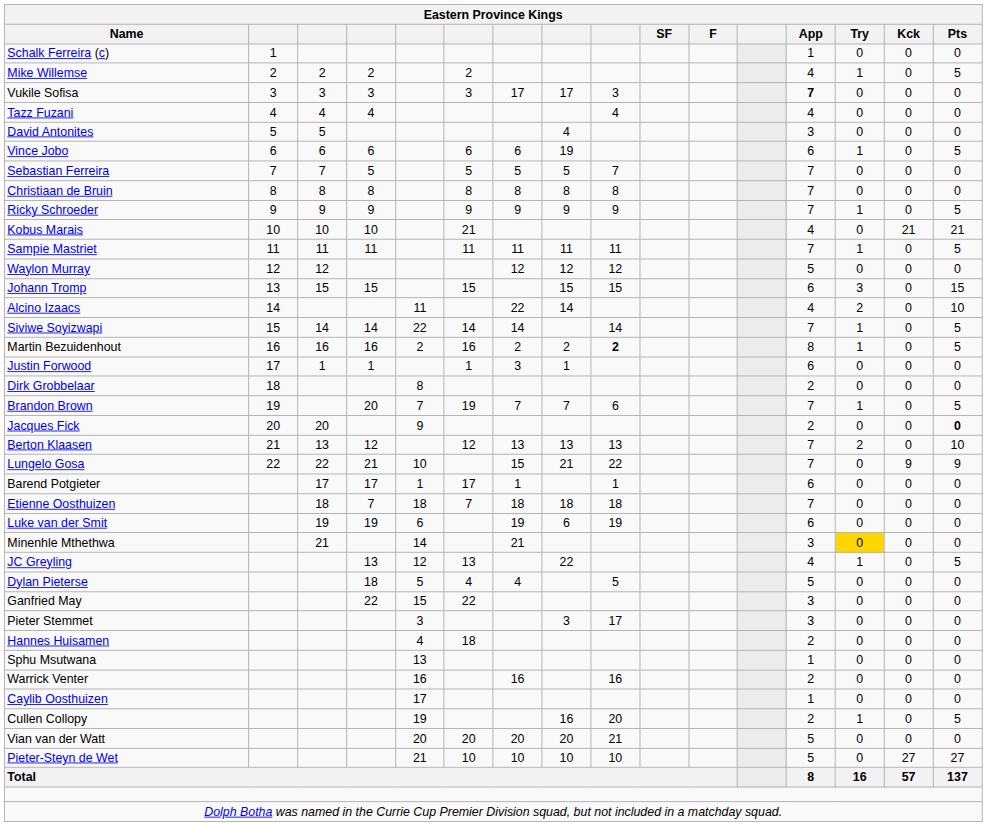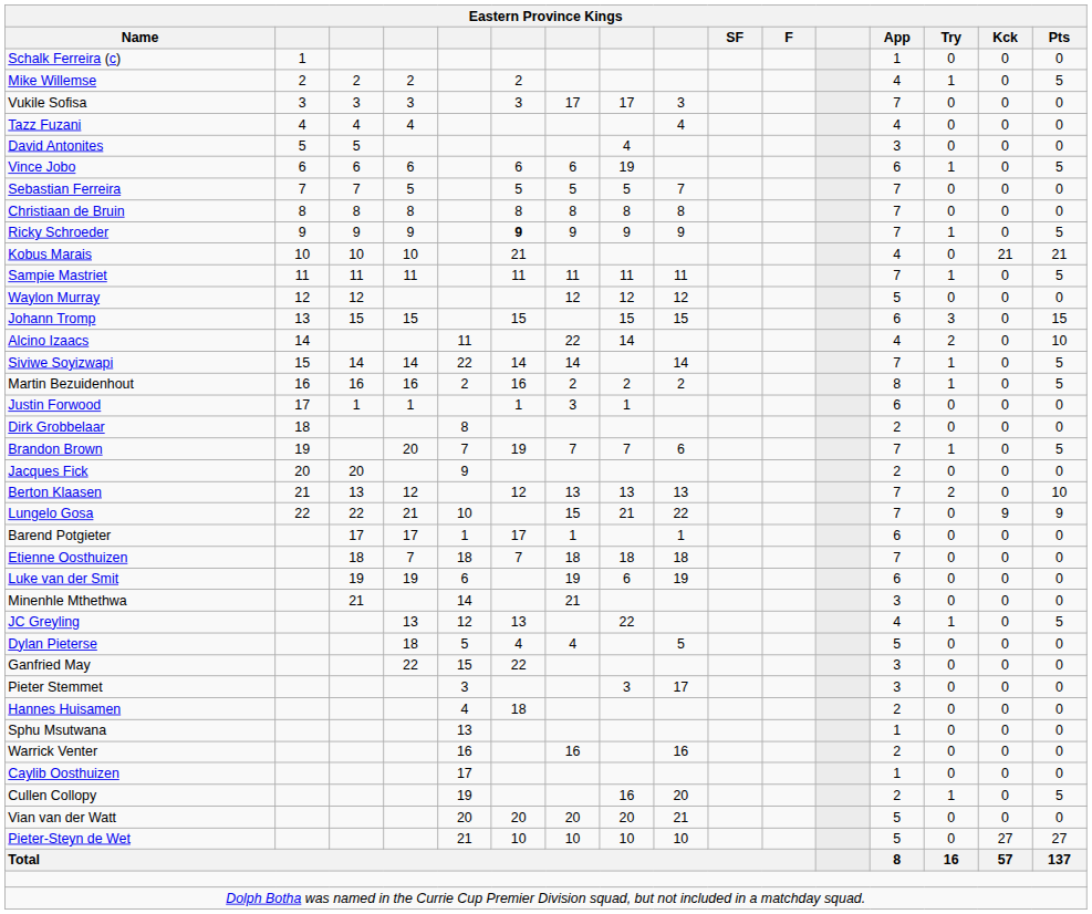 <table class="wikitable sortable" style="text-align:center; font-size:90%; width:90%">
 <tr>
 <th colspan="100%">Eastern Province Kings</th>
 </tr>
 <tr>
 <th style="width:25%;">Name</th>
 <th style="width:5%;"></th>
 <th style="width:5%;"></th>
 <th style="width:5%;"></th>
 <th style="width:5%;"></th>
 <th style="width:5%;"></th>
 <th style="width:5%;"></th>
 <th style="width:5%;"></th>
 <th style="width:5%;"></th>
 <th style="width:5%;">SF</th>
 <th style="width:5%;">F</th>
 <th style="width:5%;"></th>
 <th style="width:5%;">App</th>
 <th style="width:5%;">Try</th>
 <th style="width:5%;">Kck</th>
 <th style="width:5%;">Pts</th>
 </tr>
 <tr>
 <td style="text-align:left;"><a href='#'>Schalk Ferreira</a> (<a href='#'>c</a>)</td>
 <td>1</td>
 <td></td>
 <td></td>
 <td></td>
 <td></td>
 <td></td>
 <td></td>
 <td></td>
 <td></td>
 <td></td>
 <td style="background:#ECECEC;"></td>
 <td>1</td>
 <td>0</td>
 <td>0</td>
 <td>0</td>
 </tr>
 <tr>
 <td style="text-align:left;"><a href='#'>Mike Willemse</a></td>
 <td>2</td>
 <td>2</td>
 <td>2</td>
 <td></td>
 <td>2</td>
 <td></td>
 <td></td>
 <td></td>
 <td></td>
 <td></td>
 <td style="background:#ECECEC;"></td>
 <td>4</td>
 <td>1</td>
 <td>0</td>
 <td>5</td>
 </tr>
 <tr>
 <td style="text-align:left;">Vukile Sofisa</td>
 <td>3</td>
 <td>3</td>
 <td>3</td>
 <td></td>
 <td>3</td>
 <td>17 </td>
 <td>17 </td>
 <td>3</td>
 <td></td>
 <td></td>
 <td style="background:#ECECEC;"></td>
-<td><strong>7</strong></td>
+<td>7</td>
 <td>0</td>
 <td>0</td>
 <td>0</td>
 </tr>
 <tr>
 <td style="text-align:left;"><a href='#'>Tazz Fuzani</a></td>
 <td>4</td>
 <td>4</td>
 <td>4</td>
 <td></td>
 <td></td>
 <td></td>
 <td></td>
 <td>4</td>
 <td></td>
 <td></td>
 <td style="background:#ECECEC;"></td>
 <td>4</td>
 <td>0</td>
 <td>0</td>
 <td>0</td>
 </tr>
 <tr>
 <td style="text-align:left;"><a href='#'>David Antonites</a></td>
 <td>5</td>
 <td>5</td>
 <td></td>
 <td></td>
 <td></td>
 <td></td>
 <td>4</td>
 <td></td>
 <td></td>
 <td></td>
 <td style="background:#ECECEC;"></td>
 <td>3</td>
 <td>0</td>
 <td>0</td>
 <td>0</td>
 </tr>
 <tr>
 <td style="text-align:left;"><a href='#'>Vince Jobo</a></td>
 <td>6</td>
 <td>6</td>
 <td>6</td>
 <td></td>
 <td>6</td>
 <td>6</td>
 <td>19 </td>
 <td></td>
 <td></td>
 <td></td>
 <td style="background:#ECECEC;"></td>
 <td>6</td>
 <td>1</td>
 <td>0</td>
 <td>5</td>
 </tr>
 <tr>
 <td style="text-align:left;"><a href='#'>Sebastian Ferreira</a></td>
 <td>7</td>
 <td>7</td>
 <td>5</td>
 <td></td>
 <td>5</td>
 <td>5</td>
 <td>5</td>
 <td>7</td>
 <td></td>
 <td></td>
 <td style="background:#ECECEC;"></td>
 <td>7</td>
 <td>0</td>
 <td>0</td>
 <td>0</td>
 </tr>
 <tr>
 <td style="text-align:left;"><a href='#'>Christiaan de Bruin</a></td>
 <td>8</td>
 <td>8</td>
 <td>8</td>
 <td></td>
 <td>8</td>
 <td>8</td>
 <td>8</td>
 <td>8</td>
 <td></td>
 <td></td>
 <td style="background:#ECECEC;"></td>
 <td>7</td>
 <td>0</td>
 <td>0</td>
 <td>0</td>
 </tr>
 <tr>
 <td style="text-align:left;"><a href='#'>Ricky Schroeder</a></td>
 <td>9</td>
 <td>9</td>
 <td>9</td>
 <td></td>
-<td>9</td>
+<td><strong>9</strong></td>
 <td>9</td>
 <td>9</td>
 <td>9</td>
 <td></td>
 <td></td>
 <td style="background:#ECECEC;"></td>
 <td>7</td>
 <td>1</td>
 <td>0</td>
 <td>5</td>
 </tr>
 <tr>
 <td style="text-align:left;"><a href='#'>Kobus Marais</a></td>
 <td>10</td>
 <td>10</td>
 <td>10</td>
 <td></td>
 <td>21 </td>
 <td></td>
 <td></td>
 <td></td>
 <td></td>
 <td></td>
 <td style="background:#ECECEC;"></td>
 <td>4</td>
 <td>0</td>
 <td>21</td>
 <td>21</td>
 </tr>
 <tr>
 <td style="text-align:left;"><a href='#'>Sampie Mastriet</a></td>
 <td>11</td>
 <td>11</td>
 <td>11</td>
 <td></td>
 <td>11</td>
 <td>11</td>
 <td>11</td>
 <td>11</td>
 <td></td>
 <td></td>
 <td style="background:#ECECEC;"></td>
 <td>7</td>
 <td>1</td>
 <td>0</td>
 <td>5</td>
 </tr>
 <tr>
 <td style="text-align:left;"><a href='#'>Waylon Murray</a></td>
 <td>12</td>
 <td>12</td>
 <td></td>
 <td></td>
 <td></td>
 <td>12</td>
 <td>12</td>
 <td>12</td>
 <td></td>
 <td></td>
 <td style="background:#ECECEC;"></td>
 <td>5</td>
 <td>0</td>
 <td>0</td>
 <td>0</td>
 </tr>
 <tr>
 <td style="text-align:left;"><a href='#'>Johann Tromp</a></td>
 <td>13</td>
 <td>15</td>
 <td>15</td>
 <td></td>
 <td>15</td>
 <td></td>
 <td>15</td>
 <td>15</td>
 <td></td>
 <td></td>
 <td style="background:#ECECEC;"></td>
 <td>6</td>
 <td>3</td>
 <td>0</td>
 <td>15</td>
 </tr>
 <tr>
 <td style="text-align:left;"><a href='#'>Alcino Izaacs</a></td>
 <td>14</td>
 <td></td>
 <td></td>
 <td>11</td>
 <td></td>
 <td>22 </td>
 <td>14</td>
 <td></td>
 <td></td>
 <td></td>
 <td style="background:#ECECEC;"></td>
 <td>4</td>
 <td>2</td>
 <td>0</td>
 <td>10</td>
 </tr>
 <tr>
 <td style="text-align:left;"><a href='#'>Siviwe Soyizwapi</a></td>
 <td>15</td>
 <td>14</td>
 <td>14</td>
 <td>22 </td>
 <td>14</td>
 <td>14</td>
 <td></td>
 <td>14</td>
 <td></td>
 <td></td>
 <td style="background:#ECECEC;"></td>
 <td>7</td>
 <td>1</td>
 <td>0</td>
 <td>5</td>
 </tr>
 <tr>
 <td style="text-align:left;">Martin Bezuidenhout</td>
 <td>16 </td>
 <td>16 </td>
 <td>16 </td>
 <td>2</td>
 <td>16 </td>
 <td>2</td>
 <td>2</td>
-<td><strong>2</strong></td>
+<td>2</td>
 <td></td>
 <td></td>
 <td style="background:#ECECEC;"></td>
 <td>8</td>
 <td>1</td>
 <td>0</td>
 <td>5</td>
 </tr>
 <tr>
 <td style="text-align:left;"><a href='#'>Justin Forwood</a></td>
 <td>17 </td>
 <td>1</td>
 <td>1</td>
 <td></td>
 <td>1</td>
 <td>3</td>
 <td>1</td>
 <td></td>
 <td></td>
 <td></td>
 <td style="background:#ECECEC;"></td>
 <td>6</td>
 <td>0</td>
 <td>0</td>
 <td>0</td>
 </tr>
 <tr>
 <td style="text-align:left;"><a href='#'>Dirk Grobbelaar</a></td>
 <td>18 </td>
 <td></td>
 <td></td>
 <td>8</td>
 <td></td>
 <td></td>
 <td></td>
 <td></td>
 <td></td>
 <td></td>
 <td style="background:#ECECEC;"></td>
 <td>2</td>
 <td>0</td>
 <td>0</td>
 <td>0</td>
 </tr>
 <tr>
 <td style="text-align:left;"><a href='#'>Brandon Brown</a></td>
 <td>19 </td>
 <td></td>
 <td>20 </td>
 <td>7</td>
 <td>19 </td>
 <td>7</td>
 <td>7</td>
 <td>6</td>
 <td></td>
 <td></td>
 <td style="background:#ECECEC;"></td>
 <td>7</td>
 <td>1</td>
 <td>0</td>
 <td>5</td>
 </tr>
 <tr>
 <td style="text-align:left;"><a href='#'>Jacques Fick</a></td>
 <td>20 </td>
 <td>20</td>
 <td></td>
 <td>9</td>
 <td></td>
 <td></td>
 <td></td>
 <td></td>
 <td></td>
 <td></td>
 <td style="background:#ECECEC;"></td>
 <td>2</td>
 <td>0</td>
 <td>0</td>
-<td><strong>0</strong></td>
+<td>0</td>
 </tr>
 <tr>
 <td style="text-align:left;"><a href='#'>Berton Klaasen</a></td>
 <td>21 </td>
 <td>13</td>
 <td>12</td>
 <td></td>
 <td>12</td>
 <td>13</td>
 <td>13</td>
 <td>13</td>
 <td></td>
 <td></td>
 <td style="background:#ECECEC;"></td>
 <td>7</td>
 <td>2</td>
 <td>0</td>
 <td>10</td>
 </tr>
 <tr>
 <td style="text-align:left;"><a href='#'>Lungelo Gosa</a></td>
 <td>22 </td>
 <td>22 </td>
 <td>21 </td>
 <td>10</td>
 <td></td>
 <td>15</td>
 <td>21 </td>
 <td>22 </td>
 <td></td>
 <td></td>
 <td style="background:#ECECEC;"></td>
 <td>7</td>
 <td>0</td>
 <td>9</td>
 <td>9</td>
 </tr>
 <tr>
 <td style="text-align:left;">Barend Potgieter</td>
 <td></td>
 <td>17 </td>
 <td>17 </td>
 <td>1</td>
 <td>17 </td>
 <td>1</td>
 <td></td>
 <td>1</td>
 <td></td>
 <td></td>
 <td style="background:#ECECEC;"></td>
 <td>6</td>
 <td>0</td>
 <td>0</td>
 <td>0</td>
 </tr>
 <tr>
 <td style="text-align:left;"><a href='#'>Etienne Oosthuizen</a></td>
 <td></td>
 <td>18 </td>
 <td>7</td>
 <td>18 </td>
 <td>7</td>
 <td>18 </td>
 <td>18 </td>
 <td>18 </td>
 <td></td>
 <td></td>
 <td style="background:#ECECEC;"></td>
 <td>7</td>
 <td>0</td>
 <td>0</td>
 <td>0</td>
 </tr>
 <tr>
 <td style="text-align:left;"><a href='#'>Luke van der Smit</a></td>
 <td></td>
 <td>19 </td>
 <td>19 </td>
 <td>6</td>
 <td></td>
 <td>19 </td>
 <td>6</td>
 <td>19 </td>
 <td></td>
 <td></td>
 <td style="background:#ECECEC;"></td>
 <td>6</td>
 <td>0</td>
 <td>0</td>
 <td>0</td>
 </tr>
 <tr>
 <td style="text-align:left;">Minenhle Mthethwa</td>
 <td></td>
 <td>21 </td>
 <td></td>
 <td>14</td>
 <td></td>
 <td>21 </td>
 <td></td>
 <td></td>
 <td></td>
 <td></td>
 <td style="background:#ECECEC;"></td>
 <td>3</td>
-<td style="background: gold;">0</td>
+<td>0</td>
 <td>0</td>
 <td>0</td>
 </tr>
 <tr>
 <td style="text-align:left;"><a href='#'>JC Greyling</a></td>
 <td></td>
 <td></td>
 <td>13</td>
 <td>12</td>
 <td>13</td>
 <td></td>
 <td>22 </td>
 <td></td>
 <td></td>
 <td></td>
 <td style="background:#ECECEC;"></td>
 <td>4</td>
 <td>1</td>
 <td>0</td>
 <td>5</td>
 </tr>
 <tr>
 <td style="text-align:left;"><a href='#'>Dylan Pieterse</a></td>
 <td></td>
 <td></td>
 <td>18 </td>
 <td>5</td>
 <td>4</td>
 <td>4</td>
 <td></td>
 <td>5</td>
 <td></td>
 <td></td>
 <td style="background:#ECECEC;"></td>
 <td>5</td>
 <td>0</td>
 <td>0</td>
 <td>0</td>
 </tr>
 <tr>
 <td style="text-align:left;">Ganfried May</td>
 <td></td>
 <td></td>
 <td>22 </td>
 <td>15</td>
 <td>22 </td>
 <td></td>
 <td></td>
 <td></td>
 <td></td>
 <td></td>
 <td style="background:#ECECEC;"></td>
 <td>3</td>
 <td>0</td>
 <td>0</td>
 <td>0</td>
 </tr>
 <tr>
 <td style="text-align:left;">Pieter Stemmet</td>
 <td></td>
 <td></td>
 <td></td>
 <td>3</td>
 <td></td>
 <td></td>
 <td>3</td>
 <td>17 </td>
 <td></td>
 <td></td>
 <td style="background:#ECECEC;"></td>
 <td>3</td>
 <td>0</td>
 <td>0</td>
 <td>0</td>
 </tr>
 <tr>
 <td style="text-align:left;"><a href='#'>Hannes Huisamen</a></td>
 <td></td>
 <td></td>
 <td></td>
 <td>4</td>
 <td>18 </td>
 <td></td>
 <td></td>
 <td></td>
 <td></td>
 <td></td>
 <td style="background:#ECECEC;"></td>
 <td>2</td>
 <td>0</td>
 <td>0</td>
 <td>0</td>
 </tr>
 <tr>
 <td style="text-align:left;">Sphu Msutwana</td>
 <td></td>
 <td></td>
 <td></td>
 <td>13</td>
 <td></td>
 <td></td>
 <td></td>
 <td></td>
 <td></td>
 <td></td>
 <td style="background:#ECECEC;"></td>
 <td>1</td>
 <td>0</td>
 <td>0</td>
 <td>0</td>
 </tr>
 <tr>
 <td style="text-align:left;">Warrick Venter</td>
 <td></td>
 <td></td>
 <td></td>
 <td>16 </td>
 <td></td>
 <td>16 </td>
 <td></td>
 <td>16</td>
 <td></td>
 <td></td>
 <td style="background:#ECECEC;"></td>
 <td>2</td>
 <td>0</td>
 <td>0</td>
 <td>0</td>
 </tr>
 <tr>
 <td style="text-align:left;"><a href='#'>Caylib Oosthuizen</a></td>
 <td></td>
 <td></td>
 <td></td>
 <td>17 </td>
 <td></td>
 <td></td>
 <td></td>
 <td></td>
 <td></td>
 <td></td>
 <td style="background:#ECECEC;"></td>
 <td>1</td>
 <td>0</td>
 <td>0</td>
 <td>0</td>
 </tr>
 <tr>
 <td style="text-align:left;">Cullen Collopy</td>
 <td></td>
 <td></td>
 <td></td>
 <td>19 </td>
 <td></td>
 <td></td>
 <td>16 </td>
 <td>20</td>
 <td></td>
 <td></td>
 <td style="background:#ECECEC;"></td>
 <td>2</td>
 <td>1</td>
 <td>0</td>
 <td>5</td>
 </tr>
 <tr>
 <td style="text-align:left;">Vian van der Watt</td>
 <td></td>
 <td></td>
 <td></td>
 <td>20 </td>
 <td>20 </td>
 <td>20 </td>
 <td>20 </td>
 <td>21 </td>
 <td></td>
 <td></td>
 <td style="background:#ECECEC;"></td>
 <td>5</td>
 <td>0</td>
 <td>0</td>
 <td>0</td>
 </tr>
 <tr>
 <td style="text-align:left;"><a href='#'>Pieter-Steyn de Wet</a></td>
 <td></td>
 <td></td>
 <td></td>
 <td>21 </td>
 <td>10</td>
 <td>10</td>
 <td>10</td>
 <td>10</td>
 <td></td>
 <td></td>
 <td style="background:#ECECEC;"></td>
 <td>5</td>
 <td>0</td>
 <td>27</td>
 <td>27</td>
 </tr>
 <tr>
 <th colspan="11" style="text-align:left;">Total</th>
 <th style="background:#ECECEC;"></th>
 <th>8</th>
 <th>16</th>
 <th>57</th>
 <th>137</th>
 </tr>
 <tr>
 <td colspan="100%" style="height: 10px;"></td>
 </tr>
 <tr>
 <td colspan="100%" style="text-align:center;"><em><a href='#'>Dolph Botha</a> was named in the Currie Cup Premier Division squad, but not included in a matchday squad.</em></td>
 </tr>
 </table>
